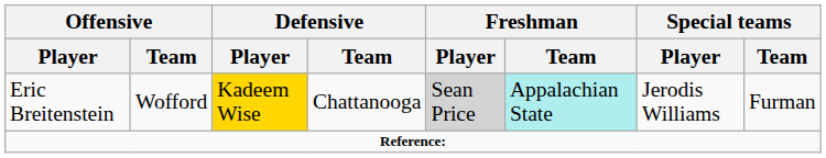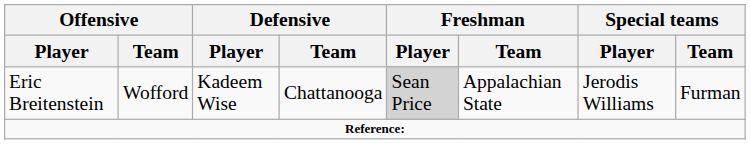 <table class="wikitable" border="1">
 <tr>
 <th colspan="2">Offensive</th>
 <th colspan="2">Defensive</th>
 <th colspan="2">Freshman</th>
 <th colspan="2">Special teams</th>
 </tr>
 <tr>
 <th>Player</th>
 <th>Team</th>
 <th>Player</th>
 <th>Team</th>
 <th>Player</th>
 <th>Team</th>
 <th>Player</th>
 <th>Team</th>
 </tr>
 <tr>
 <td>Eric Breitenstein</td>
 <td>Wofford</td>
-<td style="background: gold;">Kadeem Wise</td>
+<td>Kadeem Wise</td>
 <td>Chattanooga</td>
 <td style="background: lightgrey;">Sean Price</td>
-<td style="background: paleturquoise;">Appalachian State</td>
+<td>Appalachian State</td>
 <td>Jerodis Williams</td>
 <td>Furman</td>
 </tr>
 <tr>
 <td colspan="8" style="font-size: 8pt" align="center"><strong>Reference:</strong></td>
 </tr>
 </table>
